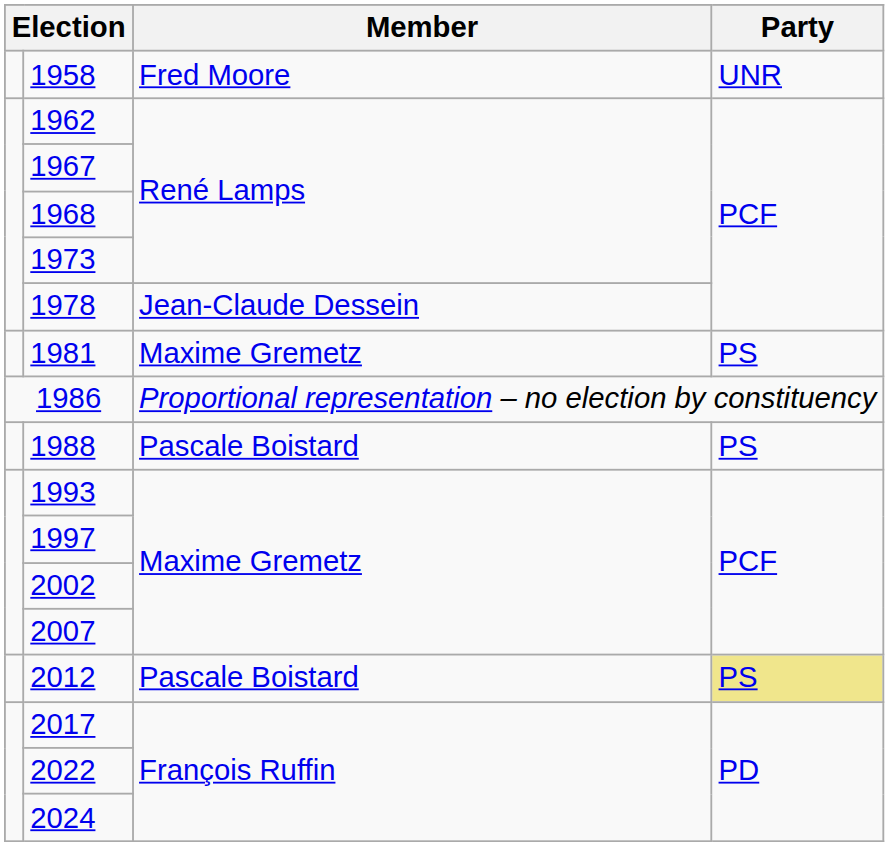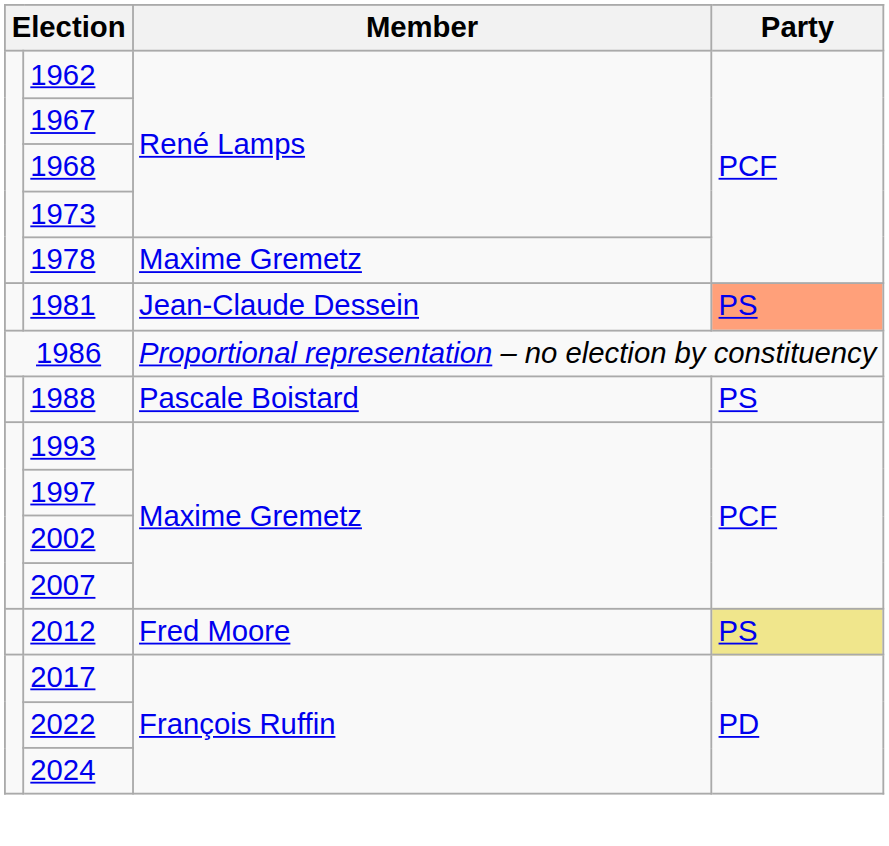 <table class="wikitable">
 <tr>
 <th colspan="2">Election</th>
 <th>Member</th>
 <th>Party</th>
-</tr>
-<tr>
-<td style="background-color: "></td>
-<td><a href='#'>1958</a></td>
-<td><a href='#'>Fred Moore</a></td>
-<td><a href='#'>UNR</a></td>
 </tr>
 <tr>
 <td rowspan="5" style="background-color: "></td>
 <td><a href='#'>1962</a></td>
 <td rowspan="4"><a href='#'>René Lamps</a></td>
 <td rowspan="5"><a href='#'>PCF</a></td>
 </tr>
 <tr>
 <td><a href='#'>1967</a></td>
 </tr>
 <tr>
 <td><a href='#'>1968</a></td>
 </tr>
 <tr>
 <td><a href='#'>1973</a></td>
 </tr>
 <tr>
 <td><a href='#'>1978</a></td>
-<td><a href='#'>Jean-Claude Dessein</a></td>
+<td><a href='#'>Maxime Gremetz</a></td>
 </tr>
 <tr>
 <td style="background-color: "></td>
 <td><a href='#'>1981</a></td>
-<td><a href='#'>Maxime Gremetz</a></td>
-<td><a href='#'>PS</a></td>
+<td><a href='#'>Jean-Claude Dessein</a></td>
+<td style="background: lightsalmon;"><a href='#'>PS</a></td>
 </tr>
 <tr>
 <td colspan="2" align="center"><a href='#'>1986</a></td>
 <td colspan="2"><em><a href='#'>Proportional representation</a> – no election by constituency</em></td>
 </tr>
 <tr>
 <td style="background-color: "></td>
 <td><a href='#'>1988</a></td>
 <td><a href='#'>Pascale Boistard</a></td>
 <td><a href='#'>PS</a></td>
 </tr>
 <tr>
 <td rowspan="4" style="background-color: "></td>
 <td><a href='#'>1993</a></td>
 <td rowspan="4"><a href='#'>Maxime Gremetz</a></td>
 <td rowspan="4"><a href='#'>PCF</a></td>
 </tr>
 <tr>
 <td><a href='#'>1997</a></td>
 </tr>
 <tr>
 <td><a href='#'>2002</a></td>
 </tr>
 <tr>
 <td><a href='#'>2007</a></td>
 </tr>
 <tr>
 <td style="background-color: "></td>
 <td><a href='#'>2012</a></td>
-<td><a href='#'>Pascale Boistard</a></td>
+<td><a href='#'>Fred Moore</a></td>
 <td style="background: khaki;"><a href='#'>PS</a></td>
 </tr>
 <tr>
 <td rowspan="3" style="background-color: "></td>
 <td><a href='#'>2017</a></td>
 <td rowspan="3"><a href='#'>François Ruffin</a></td>
 <td rowspan="3"><a href='#'>PD</a></td>
 </tr>
 <tr>
 <td><a href='#'>2022</a></td>
 </tr>
 <tr>
 <td><a href='#'>2024</a></td>
 </tr>
 </table>
